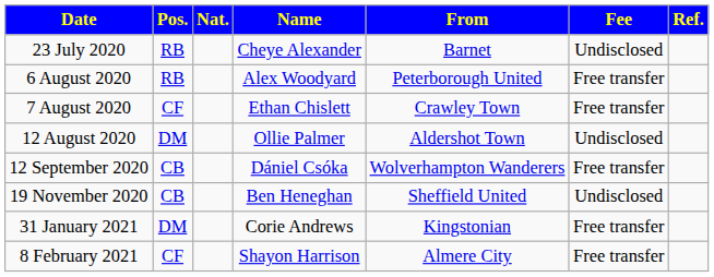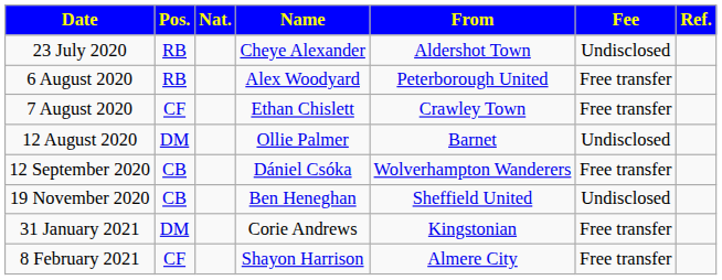 <table class="wikitable"  style="text-align:center; font-size:90%; ">
 <tr>
 <th style="background:#0000ff; color:#FFFF00; ">Date</th>
 <th style="background:#0000ff; color:#FFFF00; ">Pos.</th>
 <th style="background:#0000ff; color:#FFFF00; ">Nat.</th>
 <th style="background:#0000ff; color:#FFFF00; ">Name</th>
 <th style="background:#0000ff; color:#FFFF00; ">From</th>
 <th style="background:#0000ff; color:#FFFF00; ">Fee</th>
 <th style="background:#0000ff; color:#FFFF00; ">Ref.</th>
 </tr>
 <tr>
 <td>23 July 2020</td>
 <td><a href='#'>RB</a></td>
 <td></td>
 <td><a href='#'>Cheye Alexander</a></td>
-<td> <a href='#'>Barnet</a></td>
+<td> <a href='#'>Aldershot Town</a></td>
 <td>Undisclosed</td>
 <td></td>
 </tr>
 <tr>
 <td>6 August 2020</td>
 <td><a href='#'>RB</a></td>
 <td></td>
 <td><a href='#'>Alex Woodyard</a></td>
 <td> <a href='#'>Peterborough United</a></td>
 <td>Free transfer</td>
 <td></td>
 </tr>
 <tr>
 <td>7 August 2020</td>
 <td><a href='#'>CF</a></td>
 <td></td>
 <td><a href='#'>Ethan Chislett</a></td>
 <td> <a href='#'>Crawley Town</a></td>
 <td>Free transfer</td>
 <td></td>
 </tr>
 <tr>
 <td>12 August 2020</td>
 <td><a href='#'>DM</a></td>
 <td></td>
 <td><a href='#'>Ollie Palmer</a></td>
-<td> <a href='#'>Aldershot Town</a></td>
+<td> <a href='#'>Barnet</a></td>
 <td>Undisclosed</td>
 <td></td>
 </tr>
 <tr>
 <td>12 September 2020</td>
 <td><a href='#'>CB</a></td>
 <td></td>
 <td><a href='#'>Dániel Csóka</a></td>
 <td> <a href='#'>Wolverhampton Wanderers</a></td>
 <td>Free transfer</td>
 <td></td>
 </tr>
 <tr>
 <td>19 November 2020</td>
 <td><a href='#'>CB</a></td>
 <td></td>
 <td><a href='#'>Ben Heneghan</a></td>
 <td> <a href='#'>Sheffield United</a></td>
 <td>Undisclosed</td>
 <td></td>
 </tr>
 <tr>
 <td>31 January 2021</td>
 <td><a href='#'>DM</a></td>
 <td></td>
 <td>Corie Andrews</td>
 <td> <a href='#'>Kingstonian</a></td>
 <td>Free transfer</td>
 <td></td>
 </tr>
 <tr>
 <td>8 February 2021</td>
 <td><a href='#'>CF</a></td>
 <td></td>
 <td><a href='#'>Shayon Harrison</a></td>
 <td> <a href='#'>Almere City</a></td>
 <td>Free transfer</td>
 <td></td>
 </tr>
 </table>
